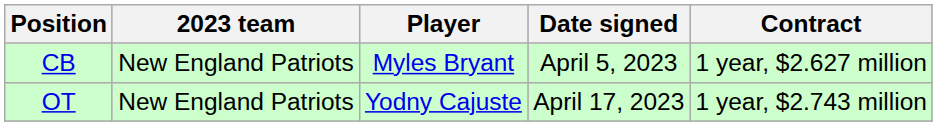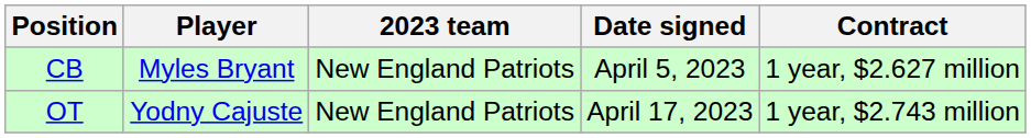 <table class="wikitable" style="text-align:center">
 <tr>
 <th>Position</th>
+<th>Player</th>
 <th>2023 team</th>
-<th>Player</th>
 <th>Date signed</th>
 <th>Contract</th>
 </tr>
 <tr style="background:#cfc;">
 <td><a href='#'>CB</a></td>
+<td><a href='#'>Myles Bryant</a></td>
 <td>New England Patriots</td>
-<td><a href='#'>Myles Bryant</a></td>
 <td>April 5, 2023</td>
 <td>1 year, $2.627 million</td>
 </tr>
 <tr style="background:#cfc;">
 <td><a href='#'>OT</a></td>
+<td><a href='#'>Yodny Cajuste</a></td>
 <td>New England Patriots</td>
-<td><a href='#'>Yodny Cajuste</a></td>
 <td>April 17, 2023</td>
 <td>1 year, $2.743 million</td>
 </tr>
 </table>
